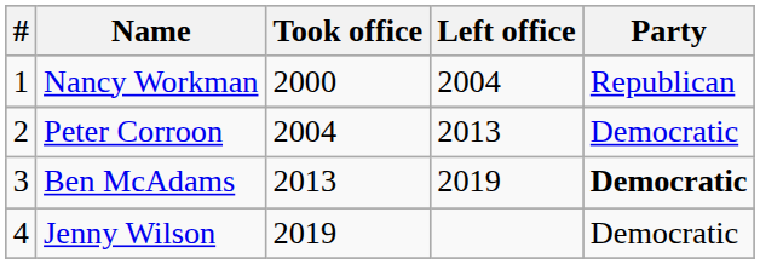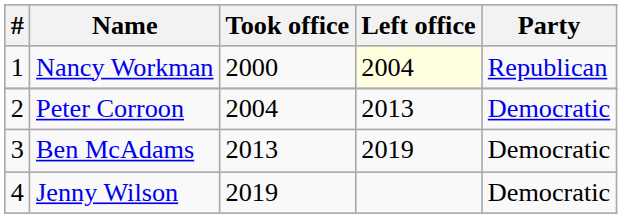 <table class="wikitable">
 <tr>
 <th>#</th>
 <th>Name</th>
 <th>Took office</th>
 <th>Left office</th>
 <th>Party</th>
 </tr>
 <tr>
 <td>1</td>
 <td><a href='#'>Nancy Workman</a></td>
 <td>2000</td>
-<td>2004</td>
+<td style="background: lightyellow;">2004</td>
 <td><a href='#'>Republican</a></td>
 </tr>
 <tr style=background=#E6E6AA>
 </tr>
 <tr>
 <td>2</td>
 <td><a href='#'>Peter Corroon</a></td>
 <td>2004</td>
 <td>2013</td>
 <td><a href='#'>Democratic</a></td>
 </tr>
 <tr>
 <td>3</td>
 <td><a href='#'>Ben McAdams</a></td>
 <td>2013</td>
 <td>2019</td>
-<td><strong>Democratic</strong></td>
+<td>Democratic</td>
 </tr>
 <tr>
 <td>4</td>
 <td><a href='#'>Jenny Wilson</a></td>
 <td>2019</td>
 <td></td>
 <td>Democratic</td>
 </tr>
 </table>
